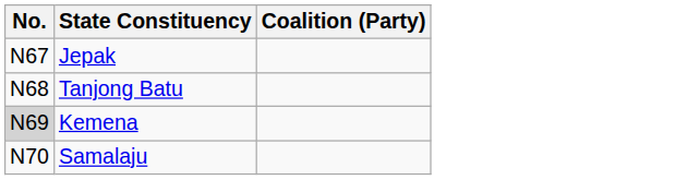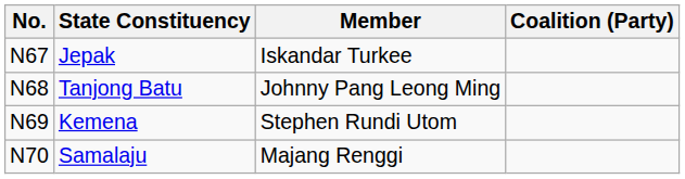 <table class="wikitable">
 <tr>
 <th>No.</th>
 <th>State Constituency</th>
+<th>Member</th>
 <th>Coalition (Party)</th>
 </tr>
 <tr>
 <td>N67</td>
 <td><a href='#'>Jepak</a></td>
+<td>Iskandar Turkee</td>
 <td></td>
 </tr>
 <tr>
 <td>N68</td>
 <td><a href='#'>Tanjong Batu</a></td>
+<td>Johnny Pang Leong Ming</td>
 <td></td>
 </tr>
 <tr>
-<td style="background: lightgrey;">N69</td>
+<td>N69</td>
 <td><a href='#'>Kemena</a></td>
+<td>Stephen Rundi Utom</td>
 <td></td>
 </tr>
 <tr>
 <td>N70</td>
 <td><a href='#'>Samalaju</a></td>
+<td>Majang Renggi</td>
 <td></td>
 </tr>
 </table>
